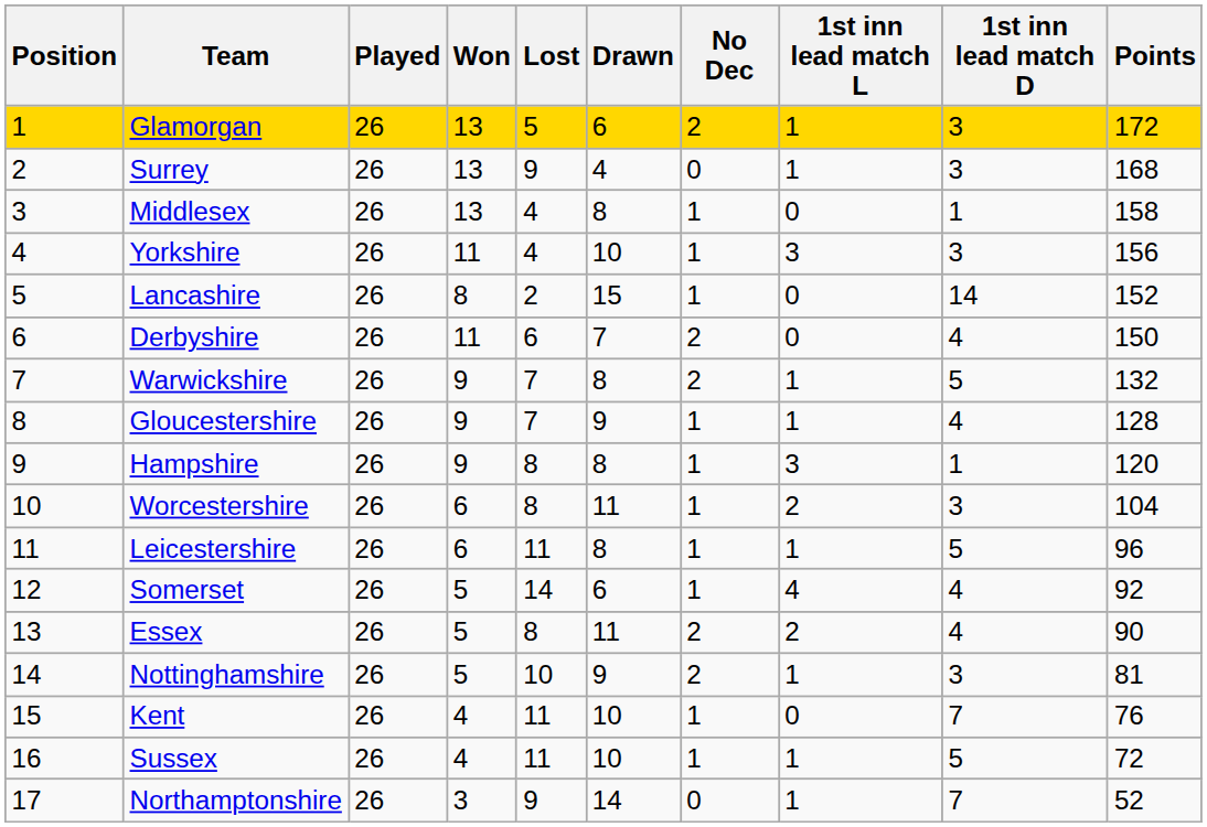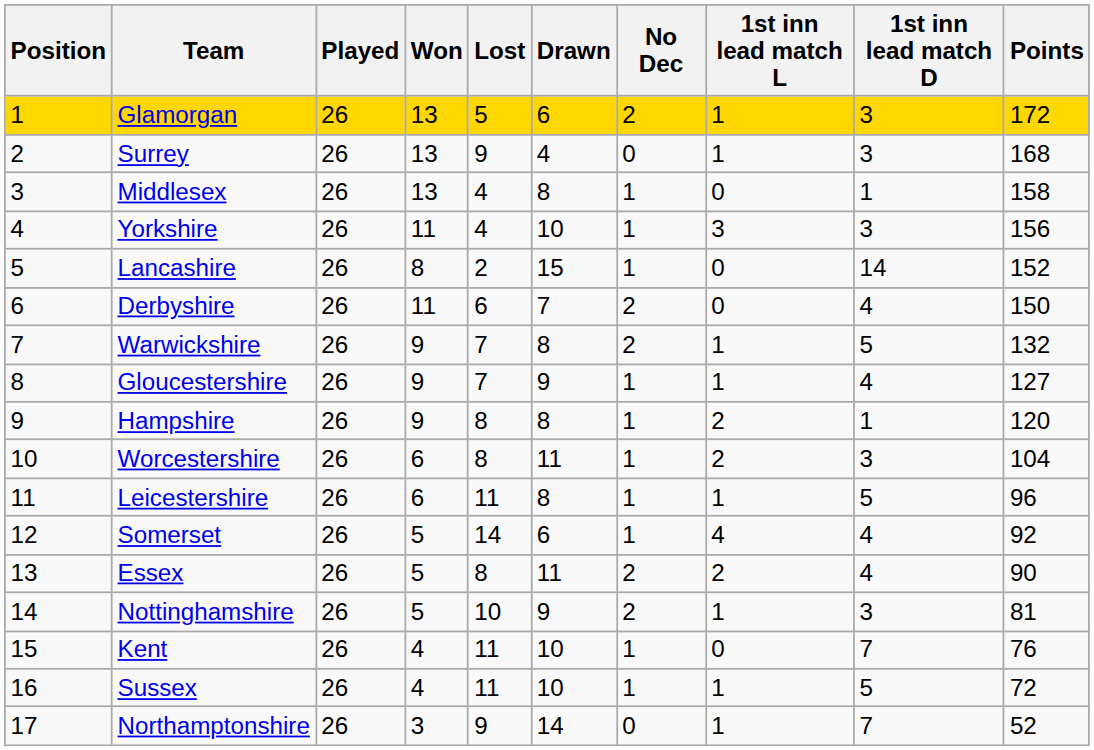 <table class="wikitable" style="font-size:85%;">
 <tr>
 <th>Position</th>
 <th>Team</th>
 <th>Played</th>
 <th>Won</th>
 <th>Lost</th>
 <th>Drawn</th>
 <th>No Dec</th>
 <th>1st inn<br>lead match L</th>
 <th>1st inn<br>lead match D</th>
 <th>Points</th>
 </tr>
 <tr>
 <td bgcolor="gold">1</td>
 <td bgcolor="gold"><a href='#'>Glamorgan</a></td>
 <td bgcolor="gold">26</td>
 <td bgcolor="gold">13</td>
 <td bgcolor="gold">5</td>
 <td bgcolor="gold">6</td>
 <td bgcolor="gold">2</td>
 <td bgcolor="gold">1</td>
 <td bgcolor="gold">3</td>
 <td bgcolor="gold">172</td>
 </tr>
 <tr>
 <td>2</td>
 <td><a href='#'>Surrey</a></td>
 <td>26</td>
 <td>13</td>
 <td>9</td>
 <td>4</td>
 <td>0</td>
 <td>1</td>
 <td>3</td>
 <td>168</td>
 </tr>
 <tr>
 <td>3</td>
 <td><a href='#'>Middlesex</a></td>
 <td>26</td>
 <td>13</td>
 <td>4</td>
 <td>8</td>
 <td>1</td>
 <td>0</td>
 <td>1</td>
 <td>158</td>
 </tr>
 <tr>
 <td>4</td>
 <td><a href='#'>Yorkshire</a></td>
 <td>26</td>
 <td>11</td>
 <td>4</td>
 <td>10</td>
 <td>1</td>
 <td>3</td>
 <td>3</td>
 <td>156</td>
 </tr>
 <tr>
 <td>5</td>
 <td><a href='#'>Lancashire</a></td>
 <td>26</td>
 <td>8</td>
 <td>2</td>
 <td>15</td>
 <td>1</td>
 <td>0</td>
 <td>14</td>
 <td>152</td>
 </tr>
 <tr>
 <td>6</td>
 <td><a href='#'>Derbyshire</a></td>
 <td>26</td>
 <td>11</td>
 <td>6</td>
 <td>7</td>
 <td>2</td>
 <td>0</td>
 <td>4</td>
 <td>150</td>
 </tr>
 <tr>
 <td>7</td>
 <td><a href='#'>Warwickshire</a></td>
 <td>26</td>
 <td>9</td>
 <td>7</td>
 <td>8</td>
 <td>2</td>
 <td>1</td>
 <td>5</td>
 <td>132</td>
 </tr>
 <tr>
 <td>8</td>
 <td><a href='#'>Gloucestershire</a></td>
 <td>26</td>
 <td>9</td>
 <td>7</td>
 <td>9</td>
 <td>1</td>
 <td>1</td>
 <td>4</td>
-<td>128</td>
+<td>127</td>
 </tr>
 <tr>
 <td>9</td>
 <td><a href='#'>Hampshire</a></td>
 <td>26</td>
 <td>9</td>
 <td>8</td>
 <td>8</td>
 <td>1</td>
-<td>3</td>
+<td>2</td>
 <td>1</td>
 <td>120</td>
 </tr>
 <tr>
 <td>10</td>
 <td><a href='#'>Worcestershire</a></td>
 <td>26</td>
 <td>6</td>
 <td>8</td>
 <td>11</td>
 <td>1</td>
 <td>2</td>
 <td>3</td>
 <td>104</td>
 </tr>
 <tr>
 <td>11</td>
 <td><a href='#'>Leicestershire</a></td>
 <td>26</td>
 <td>6</td>
 <td>11</td>
 <td>8</td>
 <td>1</td>
 <td>1</td>
 <td>5</td>
 <td>96</td>
 </tr>
 <tr>
 <td>12</td>
 <td><a href='#'>Somerset</a></td>
 <td>26</td>
 <td>5</td>
 <td>14</td>
 <td>6</td>
 <td>1</td>
 <td>4</td>
 <td>4</td>
 <td>92</td>
 </tr>
 <tr>
 <td>13</td>
 <td><a href='#'>Essex</a></td>
 <td>26</td>
 <td>5</td>
 <td>8</td>
 <td>11</td>
 <td>2</td>
 <td>2</td>
 <td>4</td>
 <td>90</td>
 </tr>
 <tr>
 <td>14</td>
 <td><a href='#'>Nottinghamshire</a></td>
 <td>26</td>
 <td>5</td>
 <td>10</td>
 <td>9</td>
 <td>2</td>
 <td>1</td>
 <td>3</td>
 <td>81</td>
 </tr>
 <tr>
 <td>15</td>
 <td><a href='#'>Kent</a></td>
 <td>26</td>
 <td>4</td>
 <td>11</td>
 <td>10</td>
 <td>1</td>
 <td>0</td>
 <td>7</td>
 <td>76</td>
 </tr>
 <tr>
 <td>16</td>
 <td><a href='#'>Sussex</a></td>
 <td>26</td>
 <td>4</td>
 <td>11</td>
 <td>10</td>
 <td>1</td>
 <td>1</td>
 <td>5</td>
 <td>72</td>
 </tr>
 <tr>
 <td>17</td>
 <td><a href='#'>Northamptonshire</a></td>
 <td>26</td>
 <td>3</td>
 <td>9</td>
 <td>14</td>
 <td>0</td>
 <td>1</td>
 <td>7</td>
 <td>52</td>
 </tr>
 </table>
